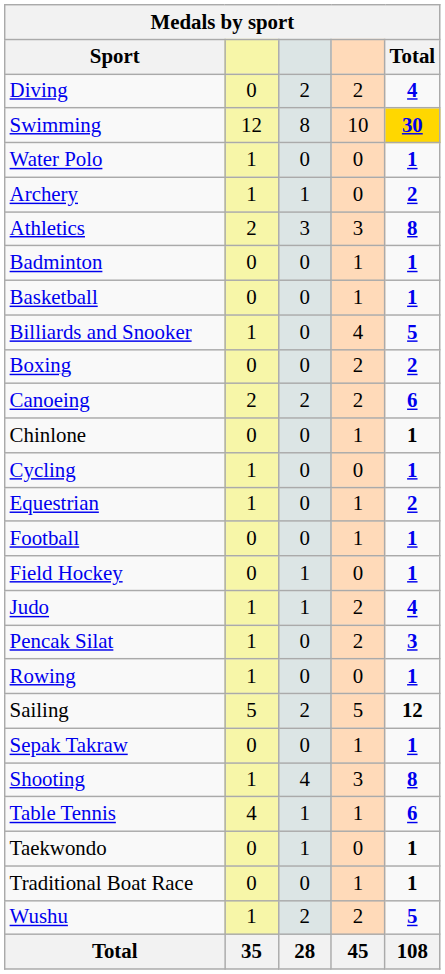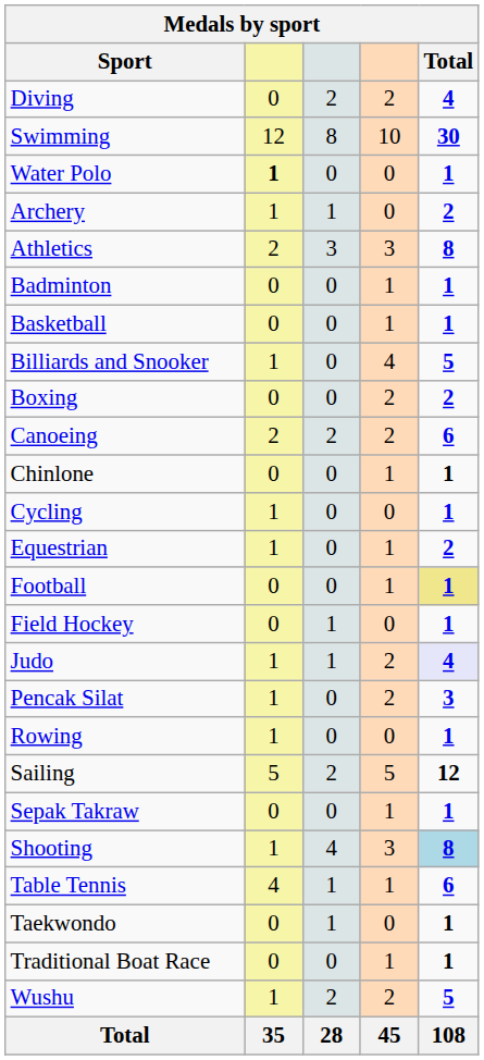 <table class="wikitable" style="font-size:90%; text-align:center;">
 <tr>
 <th colspan=5>Medals by sport</th>
 </tr>
 <tr>
 <th width=145>Sport</th>
 <th width=30 style="background:#F7F6A8;"></th>
 <th width=30 style="background:#DCE5E5;"></th>
 <th width=30 style="background:#FFDAB9;"></th>
 <th width=30>Total</th>
 </tr>
 <tr>
 <td align=left><a href='#'>Diving</a></td>
 <td style="background:#F7F6A8;">0</td>
 <td style="background:#DCE5E5;">2</td>
 <td style="background:#FFDAB9;">2</td>
 <td><strong> <a href='#'>4</a>  </strong></td>
 </tr>
 <tr>
 <td align=left><a href='#'>Swimming</a></td>
 <td style="background:#F7F6A8;">12</td>
 <td style="background:#DCE5E5;">8</td>
 <td style="background:#FFDAB9;">10</td>
-<td style="background: gold;"><strong> <a href='#'>30</a>  </strong></td>
+<td><strong> <a href='#'>30</a>  </strong></td>
 </tr>
 <tr>
 <td align=left><a href='#'>Water Polo</a></td>
-<td style="background:#F7F6A8;">1</td>
+<td style="background:#F7F6A8;"><strong>1</strong></td>
 <td style="background:#DCE5E5;">0</td>
 <td style="background:#FFDAB9;">0</td>
 <td><strong> <a href='#'>1</a>  </strong></td>
 </tr>
 <tr>
 <td align=left><a href='#'>Archery</a></td>
 <td style="background:#F7F6A8;">1</td>
 <td style="background:#DCE5E5;">1</td>
 <td style="background:#FFDAB9;">0</td>
 <td><strong> <a href='#'>2</a>  </strong></td>
 </tr>
 <tr>
 <td align=left><a href='#'>Athletics</a></td>
 <td style="background:#F7F6A8;">2</td>
 <td style="background:#DCE5E5;">3</td>
 <td style="background:#FFDAB9;">3</td>
 <td><strong> <a href='#'>8</a>  </strong></td>
 </tr>
 <tr>
 <td align=left><a href='#'>Badminton</a></td>
 <td style="background:#F7F6A8;">0</td>
 <td style="background:#DCE5E5;">0</td>
 <td style="background:#FFDAB9;">1</td>
 <td><strong> <a href='#'>1</a>  </strong></td>
 </tr>
 <tr>
 <td align=left><a href='#'>Basketball</a></td>
 <td style="background:#F7F6A8;">0</td>
 <td style="background:#DCE5E5;">0</td>
 <td style="background:#FFDAB9;">1</td>
 <td><strong> <a href='#'>1</a>  </strong></td>
 </tr>
 <tr>
 <td align=left><a href='#'>Billiards and Snooker</a></td>
 <td style="background:#F7F6A8;">1</td>
 <td style="background:#DCE5E5;">0</td>
 <td style="background:#FFDAB9;">4</td>
 <td><strong> <a href='#'>5</a>  </strong></td>
 </tr>
 <tr>
 <td align=left><a href='#'>Boxing</a></td>
 <td style="background:#F7F6A8;">0</td>
 <td style="background:#DCE5E5;">0</td>
 <td style="background:#FFDAB9;">2</td>
 <td><strong> <a href='#'>2</a>  </strong></td>
 </tr>
 <tr>
 <td align=left><a href='#'>Canoeing</a></td>
 <td style="background:#F7F6A8;">2</td>
 <td style="background:#DCE5E5;">2</td>
 <td style="background:#FFDAB9;">2</td>
 <td><strong> <a href='#'>6</a>  </strong></td>
 </tr>
 <tr>
 <td align=left>Chinlone</td>
 <td style="background:#F7F6A8;">0</td>
 <td style="background:#DCE5E5;">0</td>
 <td style="background:#FFDAB9;">1</td>
 <td><strong> 1  </strong></td>
 </tr>
 <tr>
 <td align=left><a href='#'>Cycling</a></td>
 <td style="background:#F7F6A8;">1</td>
 <td style="background:#DCE5E5;">0</td>
 <td style="background:#FFDAB9;">0</td>
 <td><strong> <a href='#'>1</a>  </strong></td>
 </tr>
 <tr>
 <td align=left><a href='#'>Equestrian</a></td>
 <td style="background:#F7F6A8;">1</td>
 <td style="background:#DCE5E5;">0</td>
 <td style="background:#FFDAB9;">1</td>
 <td><strong> <a href='#'>2</a>  </strong></td>
 </tr>
 <tr>
 <td align=left><a href='#'>Football</a></td>
 <td style="background:#F7F6A8;">0</td>
 <td style="background:#DCE5E5;">0</td>
 <td style="background:#FFDAB9;">1</td>
-<td><strong> <a href='#'>1</a>  </strong></td>
+<td style="background: khaki;"><strong> <a href='#'>1</a>  </strong></td>
 </tr>
 <tr>
 <td align=left><a href='#'>Field Hockey</a></td>
 <td style="background:#F7F6A8;">0</td>
 <td style="background:#DCE5E5;">1</td>
 <td style="background:#FFDAB9;">0</td>
 <td><strong> <a href='#'>1</a>  </strong></td>
 </tr>
 <tr>
 <td align=left><a href='#'>Judo</a></td>
 <td style="background:#F7F6A8;">1</td>
 <td style="background:#DCE5E5;">1</td>
 <td style="background:#FFDAB9;">2</td>
-<td><strong> <a href='#'>4</a>  </strong></td>
+<td style="background: lavender;"><strong> <a href='#'>4</a>  </strong></td>
 </tr>
 <tr>
 <td align=left><a href='#'>Pencak Silat</a></td>
 <td style="background:#F7F6A8;">1</td>
 <td style="background:#DCE5E5;">0</td>
 <td style="background:#FFDAB9;">2</td>
 <td><strong> <a href='#'>3</a>  </strong></td>
 </tr>
 <tr>
 <td align=left><a href='#'>Rowing</a></td>
 <td style="background:#F7F6A8;">1</td>
 <td style="background:#DCE5E5;">0</td>
 <td style="background:#FFDAB9;">0</td>
 <td><strong> <a href='#'>1</a>  </strong></td>
 </tr>
 <tr>
 <td align=left>Sailing</td>
 <td style="background:#F7F6A8;">5</td>
 <td style="background:#DCE5E5;">2</td>
 <td style="background:#FFDAB9;">5</td>
 <td><strong> 12  </strong></td>
 </tr>
 <tr>
 <td align=left><a href='#'>Sepak Takraw</a></td>
 <td style="background:#F7F6A8;">0</td>
 <td style="background:#DCE5E5;">0</td>
 <td style="background:#FFDAB9;">1</td>
 <td><strong> <a href='#'>1</a>  </strong></td>
 </tr>
 <tr>
 <td align=left><a href='#'>Shooting</a></td>
 <td style="background:#F7F6A8;">1</td>
 <td style="background:#DCE5E5;">4</td>
 <td style="background:#FFDAB9;">3</td>
-<td><strong> <a href='#'>8</a>  </strong></td>
+<td style="background: lightblue;"><strong> <a href='#'>8</a>  </strong></td>
 </tr>
 <tr>
 <td align=left><a href='#'>Table Tennis</a></td>
 <td style="background:#F7F6A8;">4</td>
 <td style="background:#DCE5E5;">1</td>
 <td style="background:#FFDAB9;">1</td>
 <td><strong> <a href='#'>6</a>  </strong></td>
 </tr>
 <tr>
 <td align=left>Taekwondo</td>
 <td style="background:#F7F6A8;">0</td>
 <td style="background:#DCE5E5;">1</td>
 <td style="background:#FFDAB9;">0</td>
 <td><strong> 1  </strong></td>
 </tr>
 <tr>
 <td align=left>Traditional Boat Race</td>
 <td style="background:#F7F6A8;">0</td>
 <td style="background:#DCE5E5;">0</td>
 <td style="background:#FFDAB9;">1</td>
 <td><strong> 1  </strong></td>
 </tr>
 <tr>
 <td align=left><a href='#'>Wushu</a></td>
 <td style="background:#F7F6A8;">1</td>
 <td style="background:#DCE5E5;">2</td>
 <td style="background:#FFDAB9;">2</td>
 <td><strong> <a href='#'>5</a>  </strong></td>
 </tr>
 <tr class="sortbottom">
 <th>Total</th>
 <th>35</th>
 <th>28</th>
 <th>45</th>
 <th>108</th>
 </tr>
 </table>
